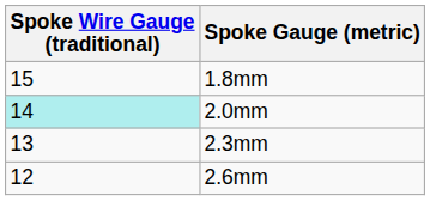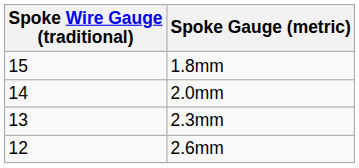 <table class="wikitable">
 <tr>
 <th>Spoke <a href='#'>Wire Gauge</a><br>(traditional)</th>
 <th>Spoke Gauge (metric)</th>
 </tr>
 <tr>
 <td>15</td>
 <td>1.8mm</td>
 </tr>
 <tr>
-<td style="background: paleturquoise;">14</td>
+<td>14</td>
 <td>2.0mm</td>
 </tr>
 <tr>
 <td>13</td>
 <td>2.3mm</td>
 </tr>
 <tr>
 <td>12</td>
 <td>2.6mm</td>
 </tr>
 </table>
